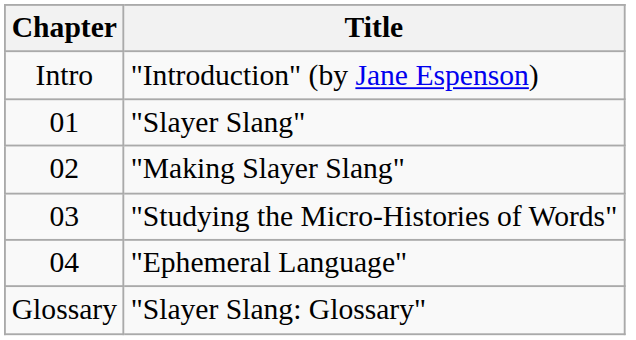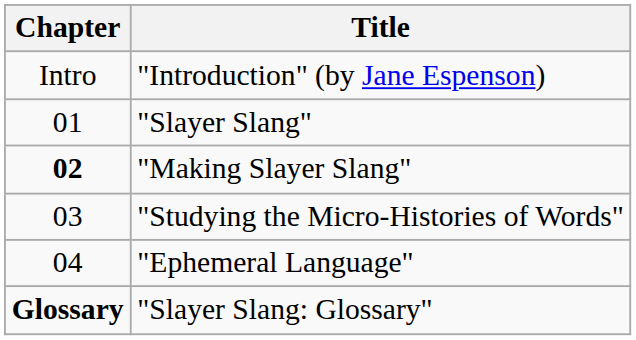 <table class="wikitable">
 <tr>
 <th>Chapter</th>
 <th>Title</th>
 </tr>
 <tr>
 <td style="text-align:center;">Intro</td>
 <td>"Introduction" (by <a href='#'>Jane Espenson</a>)</td>
 </tr>
 <tr>
 <td style="text-align:center;">01</td>
 <td>"Slayer Slang"</td>
 </tr>
 <tr>
-<td style="text-align:center;">02</td>
+<td style="text-align:center;"><strong>02</strong></td>
 <td>"Making Slayer Slang"</td>
 </tr>
 <tr>
 <td style="text-align:center;">03</td>
 <td>"Studying the Micro-Histories of Words"</td>
 </tr>
 <tr>
 <td style="text-align:center;">04</td>
 <td>"Ephemeral Language"</td>
 </tr>
 <tr>
-<td style="text-align:center;">Glossary</td>
+<td style="text-align:center;"><strong>Glossary</strong></td>
 <td>"Slayer Slang: Glossary"</td>
 </tr>
 </table>
